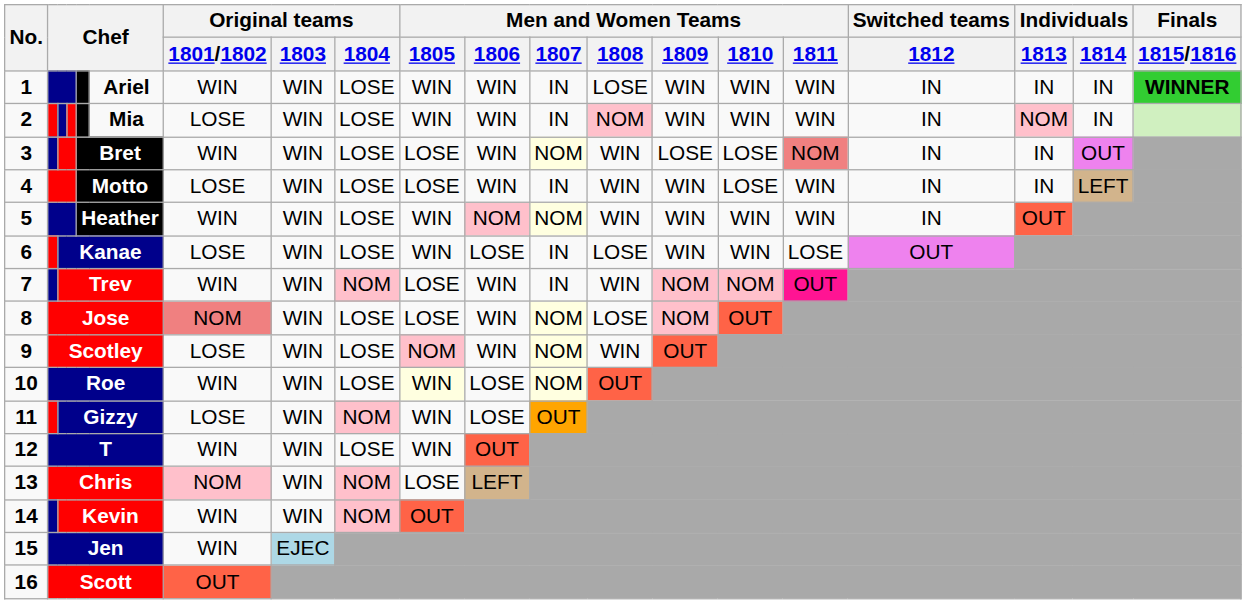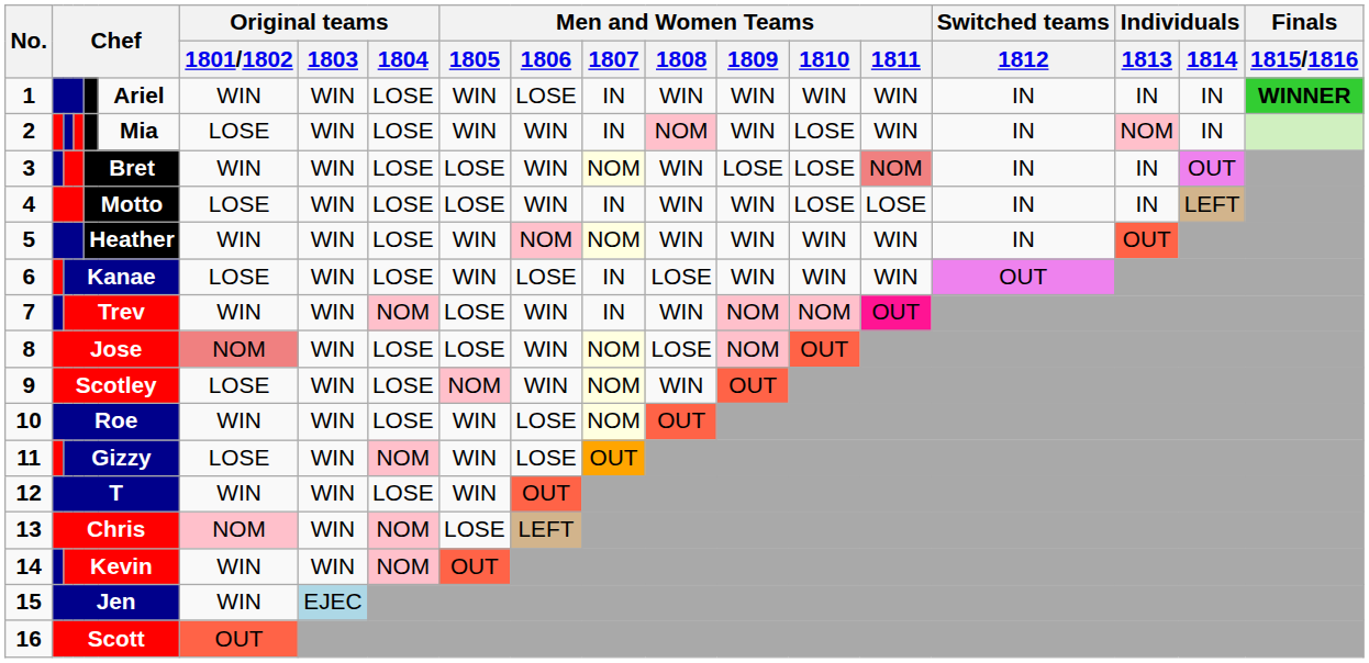 <table class="wikitable plainrowheaders" style="text-align:center">
 <tr>
 <th rowspan="2">No.</th>
 <th colspan="5" rowspan="2">Chef</th>
 <th scope="col" colspan="3">Original teams</th>
 <th scope="col" colspan="7">Men and Women Teams</th>
 <th scope="col" colspan="1">Switched teams</th>
 <th scope="col" colspan="2">Individuals</th>
 <th scope="col" colspan="1">Finals</th>
 </tr>
 <tr>
 <th scope="col"><a href='#'>1801</a>/<a href='#'>1802</a></th>
 <th scope="col"><a href='#'>1803</a></th>
 <th scope="col"><a href='#'>1804</a></th>
 <th scope="col"><a href='#'>1805</a></th>
 <th scope="col"><a href='#'>1806</a></th>
 <th scope="col"><a href='#'>1807</a></th>
 <th scope="col"><a href='#'>1808</a></th>
 <th scope="col"><a href='#'>1809</a></th>
 <th scope="col"><a href='#'>1810</a></th>
 <th scope="col"><a href='#'>1811</a></th>
 <th scope="col"><a href='#'>1812</a></th>
 <th scope="col"><a href='#'>1813</a></th>
 <th scoope="col"><a href='#'>1814</a></th>
 <th colspan="2"><a href='#'>1815</a>/<a href='#'>1816</a></th>
 </tr>
 <tr>
 <td scope="row"><strong>1</strong></td>
 <td style="background:darkblue; color:#fff;" colspan="3"></td>
 <td style="background:black; color:#fff;" colspan="1"></td>
 <td style="color:black;"><strong>Ariel</strong></td>
 <td>WIN</td>
 <td>WIN</td>
 <td>LOSE</td>
 <td>WIN</td>
+<td>LOSE</td>
+<td>IN</td>
 <td>WIN</td>
-<td>IN</td>
-<td>LOSE</td>
 <td>WIN</td>
 <td>WIN</td>
 <td>WIN</td>
 <td>IN</td>
 <td>IN</td>
 <td>IN</td>
 <td style="background:limegreen;"><strong>WINNER</strong></td>
 </tr>
 <tr>
 <td scope="row"><strong>2</strong></td>
 <td style="background:red "></td>
 <td style="background:darkblue"></td>
 <td style="background:red "></td>
 <td style="background:black"></td>
 <td style="color:black;"><strong>Mia</strong></td>
 <td>LOSE</td>
 <td>WIN</td>
 <td>LOSE</td>
 <td>WIN</td>
 <td>WIN</td>
 <td>IN</td>
 <td style="background:pink;">NOM</td>
 <td>WIN</td>
-<td>WIN</td>
+<td>LOSE</td>
 <td>WIN</td>
 <td>IN</td>
 <td style="background:pink;">NOM</td>
 <td>IN</td>
 <td style="background:#D0F0C0;"></td>
 </tr>
 <tr>
 <td scope="row"><strong>3</strong></td>
 <td style="background:darkblue ; color:#fff;" colspan="1"></td>
 <td style="background:red ; color:#fff;" colspan="2"></td>
 <td style="background:black ; color:white;" colspan="2"><strong>Bret</strong></td>
 <td>WIN</td>
 <td>WIN</td>
 <td>LOSE</td>
 <td>LOSE</td>
 <td>WIN</td>
 <td style="background:lightyellow;">NOM</td>
 <td>WIN</td>
 <td>LOSE</td>
 <td>LOSE</td>
 <td style="background:lightcoral;">NOM</td>
 <td>IN</td>
 <td>IN</td>
 <td style="background:violet;">OUT</td>
 <td colspan="1" style="background:darkgrey;"></td>
 </tr>
 <tr>
 <td scope="row"><strong>4</strong></td>
 <td style="background:red; color:#fff;" colspan="3"></td>
 <td style="background:black; color:white" colspan="2"><strong>Motto</strong></td>
 <td>LOSE</td>
 <td>WIN</td>
 <td>LOSE</td>
 <td>LOSE</td>
 <td>WIN</td>
 <td>IN</td>
 <td>WIN</td>
 <td>WIN</td>
 <td>LOSE</td>
-<td>WIN</td>
+<td>LOSE</td>
 <td>IN</td>
 <td>IN</td>
 <td style="background:tan;">LEFT</td>
 <td colspan="1" style="background:darkgrey;"></td>
 </tr>
 <tr>
 <td scope="row"><strong>5</strong></td>
 <td style="background:darkblue ; color:#fff;" colspan="3"></td>
 <td style="background:black; color:white;" colspan="2"><strong>Heather</strong></td>
 <td>WIN</td>
 <td>WIN</td>
 <td>LOSE</td>
 <td>WIN</td>
 <td style="background:pink;">NOM</td>
 <td style="background:lightyellow;">NOM</td>
 <td>WIN</td>
 <td>WIN</td>
 <td>WIN</td>
 <td>WIN</td>
 <td>IN</td>
 <td style="background:tomato;">OUT</td>
 <td colspan="2" style="background:darkgrey;"></td>
 </tr>
 <tr>
 <td scope="row"><strong>6</strong></td>
 <td style="background:red ; color:#fff;" colspan="1"></td>
 <td style="background:darkblue; color:white;" colspan="4"><strong>Kanae</strong></td>
 <td>LOSE</td>
 <td>WIN</td>
 <td>LOSE</td>
 <td>WIN</td>
 <td>LOSE</td>
 <td>IN</td>
 <td>LOSE</td>
 <td>WIN</td>
 <td>WIN</td>
-<td>LOSE</td>
+<td>WIN</td>
 <td style="background:violet;">OUT</td>
 <td colspan="3" style="background:darkgrey;"></td>
 </tr>
 <tr>
 <td scope="row"><strong>7</strong></td>
 <td style="background:darkblue"></td>
 <td style="background:red; color:white;" colspan="4"><strong>Trev</strong></td>
 <td>WIN</td>
 <td>WIN</td>
 <td style="background:pink;">NOM</td>
 <td>LOSE</td>
 <td>WIN</td>
 <td>IN</td>
 <td>WIN</td>
 <td style="background:pink;">NOM</td>
 <td style="background:pink;">NOM</td>
 <td style="background:deeppink;">OUT</td>
 <td colspan="4" style="background:darkgrey;"></td>
 </tr>
 <tr>
 <td scope="row"><strong>8</strong></td>
 <td style="background:red; color:white;" colspan="5"><strong>Jose</strong></td>
 <td style="background:lightcoral;">NOM</td>
 <td>WIN</td>
 <td>LOSE</td>
 <td>LOSE</td>
 <td>WIN</td>
 <td style="background:lightyellow;">NOM</td>
 <td>LOSE</td>
 <td style="background:pink;">NOM</td>
 <td style="background:Tomato;">OUT</td>
 <td colspan="5" style="background:darkgrey;"></td>
 </tr>
 <tr>
 <td scope="row"><strong>9</strong></td>
 <td style="background:red; color:white;" colspan="5"><strong>Scotley</strong></td>
 <td>LOSE</td>
 <td>WIN</td>
 <td>LOSE</td>
 <td style="background:pink;">NOM</td>
 <td>WIN</td>
 <td style="background:lightyellow;">NOM</td>
 <td>WIN</td>
 <td style="background:tomato;">OUT</td>
 <td colspan="6" style="background:darkgrey;"></td>
 </tr>
 <tr>
 <td scope="row"><strong>10</strong></td>
 <td style="background:darkblue; color:white;" colspan="5"><strong>Roe</strong></td>
 <td>WIN</td>
 <td>WIN</td>
 <td>LOSE</td>
-<td style="background: lightyellow;">WIN</td>
+<td>WIN</td>
 <td>LOSE</td>
 <td style="background:lightyellow;">NOM</td>
 <td style="background:tomato;">OUT</td>
 <td colspan="7" style="background:darkgrey;"></td>
 </tr>
 <tr>
 <td scope="row"><strong>11</strong></td>
 <td style="background:red"></td>
 <td style="background:darkblue; color:white;" colspan="4"><strong>Gizzy</strong></td>
 <td>LOSE</td>
 <td>WIN</td>
 <td style="background:pink;">NOM</td>
 <td>WIN</td>
 <td>LOSE</td>
 <td style="background:orange;">OUT</td>
 <td colspan="8" style="background:darkgrey;"></td>
 </tr>
 <tr>
 <td scope="row"><strong>12</strong></td>
 <td style="background:darkblue; color:white;" colspan="5"><strong>T</strong></td>
 <td>WIN</td>
 <td>WIN</td>
 <td>LOSE</td>
 <td>WIN</td>
 <td style="background:tomato;">OUT</td>
 <td colspan="9" style="background:darkgrey;"></td>
 </tr>
 <tr>
 <td scope="row"><strong>13</strong></td>
 <td style="background:red; color:white;" colspan="5"><strong>Chris</strong></td>
 <td style="background:pink;">NOM</td>
 <td>WIN</td>
 <td style="background:pink;">NOM</td>
 <td>LOSE</td>
 <td style="background:tan;">LEFT</td>
 <td colspan="9" style="background:darkgrey;"></td>
 </tr>
 <tr>
 <td scope="row"><strong>14</strong></td>
 <td style="background:darkblue"></td>
 <td style="background:red; color:#fff;" colspan="4"><strong>Kevin</strong></td>
 <td>WIN</td>
 <td>WIN</td>
 <td style="background:pink;">NOM</td>
 <td style="background:tomato;">OUT</td>
 <td colspan="10" style="background:darkgrey;"></td>
 </tr>
 <tr>
 <td scope="row"><strong>15</strong></td>
 <td style="background:darkblue; color:white;" colspan="5"><strong>Jen</strong></td>
 <td>WIN</td>
 <td style="background:lightblue;">EJEC</td>
 <td colspan="12" style="background:darkgrey;"></td>
 </tr>
 <tr>
 <td scope="row"><strong>16</strong></td>
 <td style="background:red; color:white;" colspan="5"><strong>Scott</strong></td>
 <td style="background:tomato;">OUT</td>
 <td colspan="13" style="background:darkgrey;"></td>
 </tr>
 </table>
